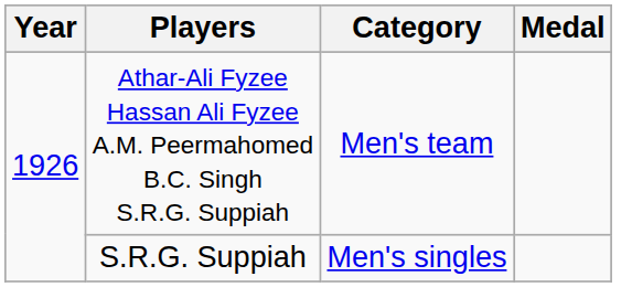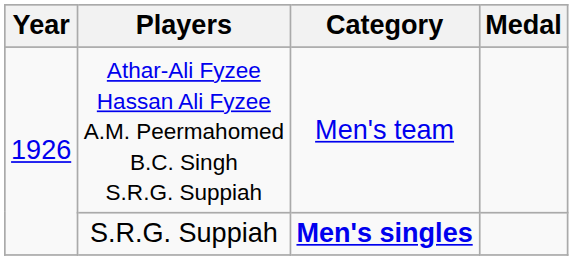 <table class="wikitable sortable" style="text-align:center">
 <tr>
 <th>Year</th>
 <th>Players</th>
 <th>Category</th>
 <th>Medal</th>
 </tr>
 <tr>
 <td rowspan=2><a href='#'>1926</a></td>
 <td><small><a href='#'>Athar-Ali Fyzee</a><br><a href='#'>Hassan Ali Fyzee</a><br>A.M. Peermahomed<br>B.C. Singh<br>S.R.G. Suppiah</small></td>
 <td><a href='#'>Men's team</a></td>
 <td></td>
 </tr>
 <tr>
 <td>S.R.G. Suppiah</td>
-<td><a href='#'>Men's singles</a></td>
+<td><strong><a href='#'>Men's singles</a></strong></td>
 <td></td>
 </tr>
 </table>
